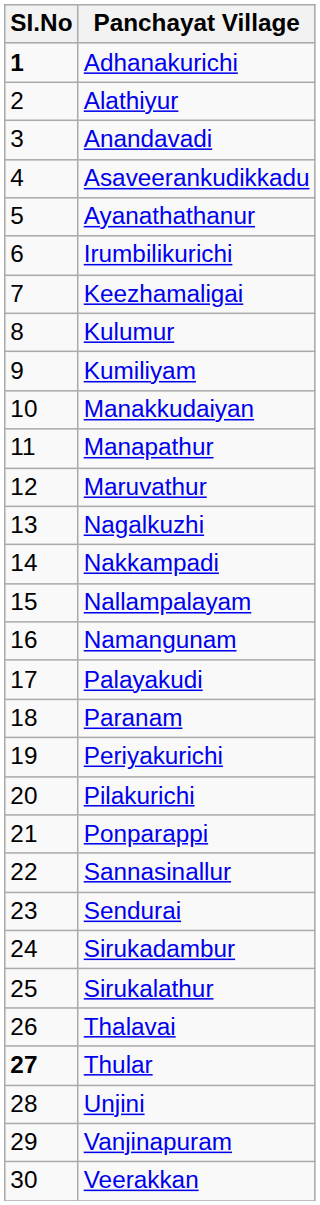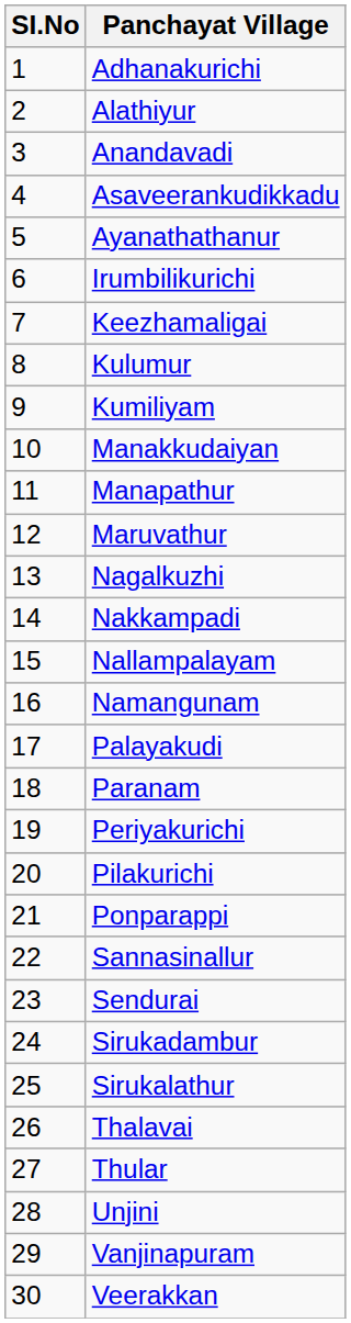 <table class="wikitable sortable">
 <tr>
 <th>SI.No</th>
 <th>Panchayat Village</th>
 </tr>
 <tr>
-<td><strong>1</strong></td>
+<td>1</td>
 <td><a href='#'>Adhanakurichi</a></td>
 </tr>
 <tr>
 <td>2</td>
 <td><a href='#'>Alathiyur</a></td>
 </tr>
 <tr>
 <td>3</td>
 <td><a href='#'>Anandavadi</a></td>
 </tr>
 <tr>
 <td>4</td>
 <td><a href='#'>Asaveerankudikkadu</a></td>
 </tr>
 <tr>
 <td>5</td>
 <td><a href='#'>Ayanathathanur</a></td>
 </tr>
 <tr>
 <td>6</td>
 <td><a href='#'>Irumbilikurichi</a></td>
 </tr>
 <tr>
 <td>7</td>
 <td><a href='#'>Keezhamaligai</a></td>
 </tr>
 <tr>
 <td>8</td>
 <td><a href='#'>Kulumur</a></td>
 </tr>
 <tr>
 <td>9</td>
 <td><a href='#'>Kumiliyam</a></td>
 </tr>
 <tr>
 <td>10</td>
 <td><a href='#'>Manakkudaiyan</a></td>
 </tr>
 <tr>
 <td>11</td>
 <td><a href='#'>Manapathur</a></td>
 </tr>
 <tr>
 <td>12</td>
 <td><a href='#'>Maruvathur</a></td>
 </tr>
 <tr>
 <td>13</td>
 <td><a href='#'>Nagalkuzhi</a></td>
 </tr>
 <tr>
 <td>14</td>
 <td><a href='#'>Nakkampadi</a></td>
 </tr>
 <tr>
 <td>15</td>
 <td><a href='#'>Nallampalayam</a></td>
 </tr>
 <tr>
 <td>16</td>
 <td><a href='#'>Namangunam</a></td>
 </tr>
 <tr>
 <td>17</td>
 <td><a href='#'>Palayakudi</a></td>
 </tr>
 <tr>
 <td>18</td>
 <td><a href='#'>Paranam</a></td>
 </tr>
 <tr>
 <td>19</td>
 <td><a href='#'>Periyakurichi</a></td>
 </tr>
 <tr>
 <td>20</td>
 <td><a href='#'>Pilakurichi</a></td>
 </tr>
 <tr>
 <td>21</td>
 <td><a href='#'>Ponparappi</a></td>
 </tr>
 <tr>
 <td>22</td>
 <td><a href='#'>Sannasinallur</a></td>
 </tr>
 <tr>
 <td>23</td>
 <td><a href='#'>Sendurai</a></td>
 </tr>
 <tr>
 <td>24</td>
 <td><a href='#'>Sirukadambur</a></td>
 </tr>
 <tr>
 <td>25</td>
 <td><a href='#'>Sirukalathur</a></td>
 </tr>
 <tr>
 <td>26</td>
 <td><a href='#'>Thalavai</a></td>
 </tr>
 <tr>
-<td><strong>27</strong></td>
+<td>27</td>
 <td><a href='#'>Thular</a></td>
 </tr>
 <tr>
 <td>28</td>
 <td><a href='#'>Unjini</a></td>
 </tr>
 <tr>
 <td>29</td>
 <td><a href='#'>Vanjinapuram</a></td>
 </tr>
 <tr>
 <td>30</td>
 <td><a href='#'>Veerakkan</a></td>
 </tr>
 </table>
